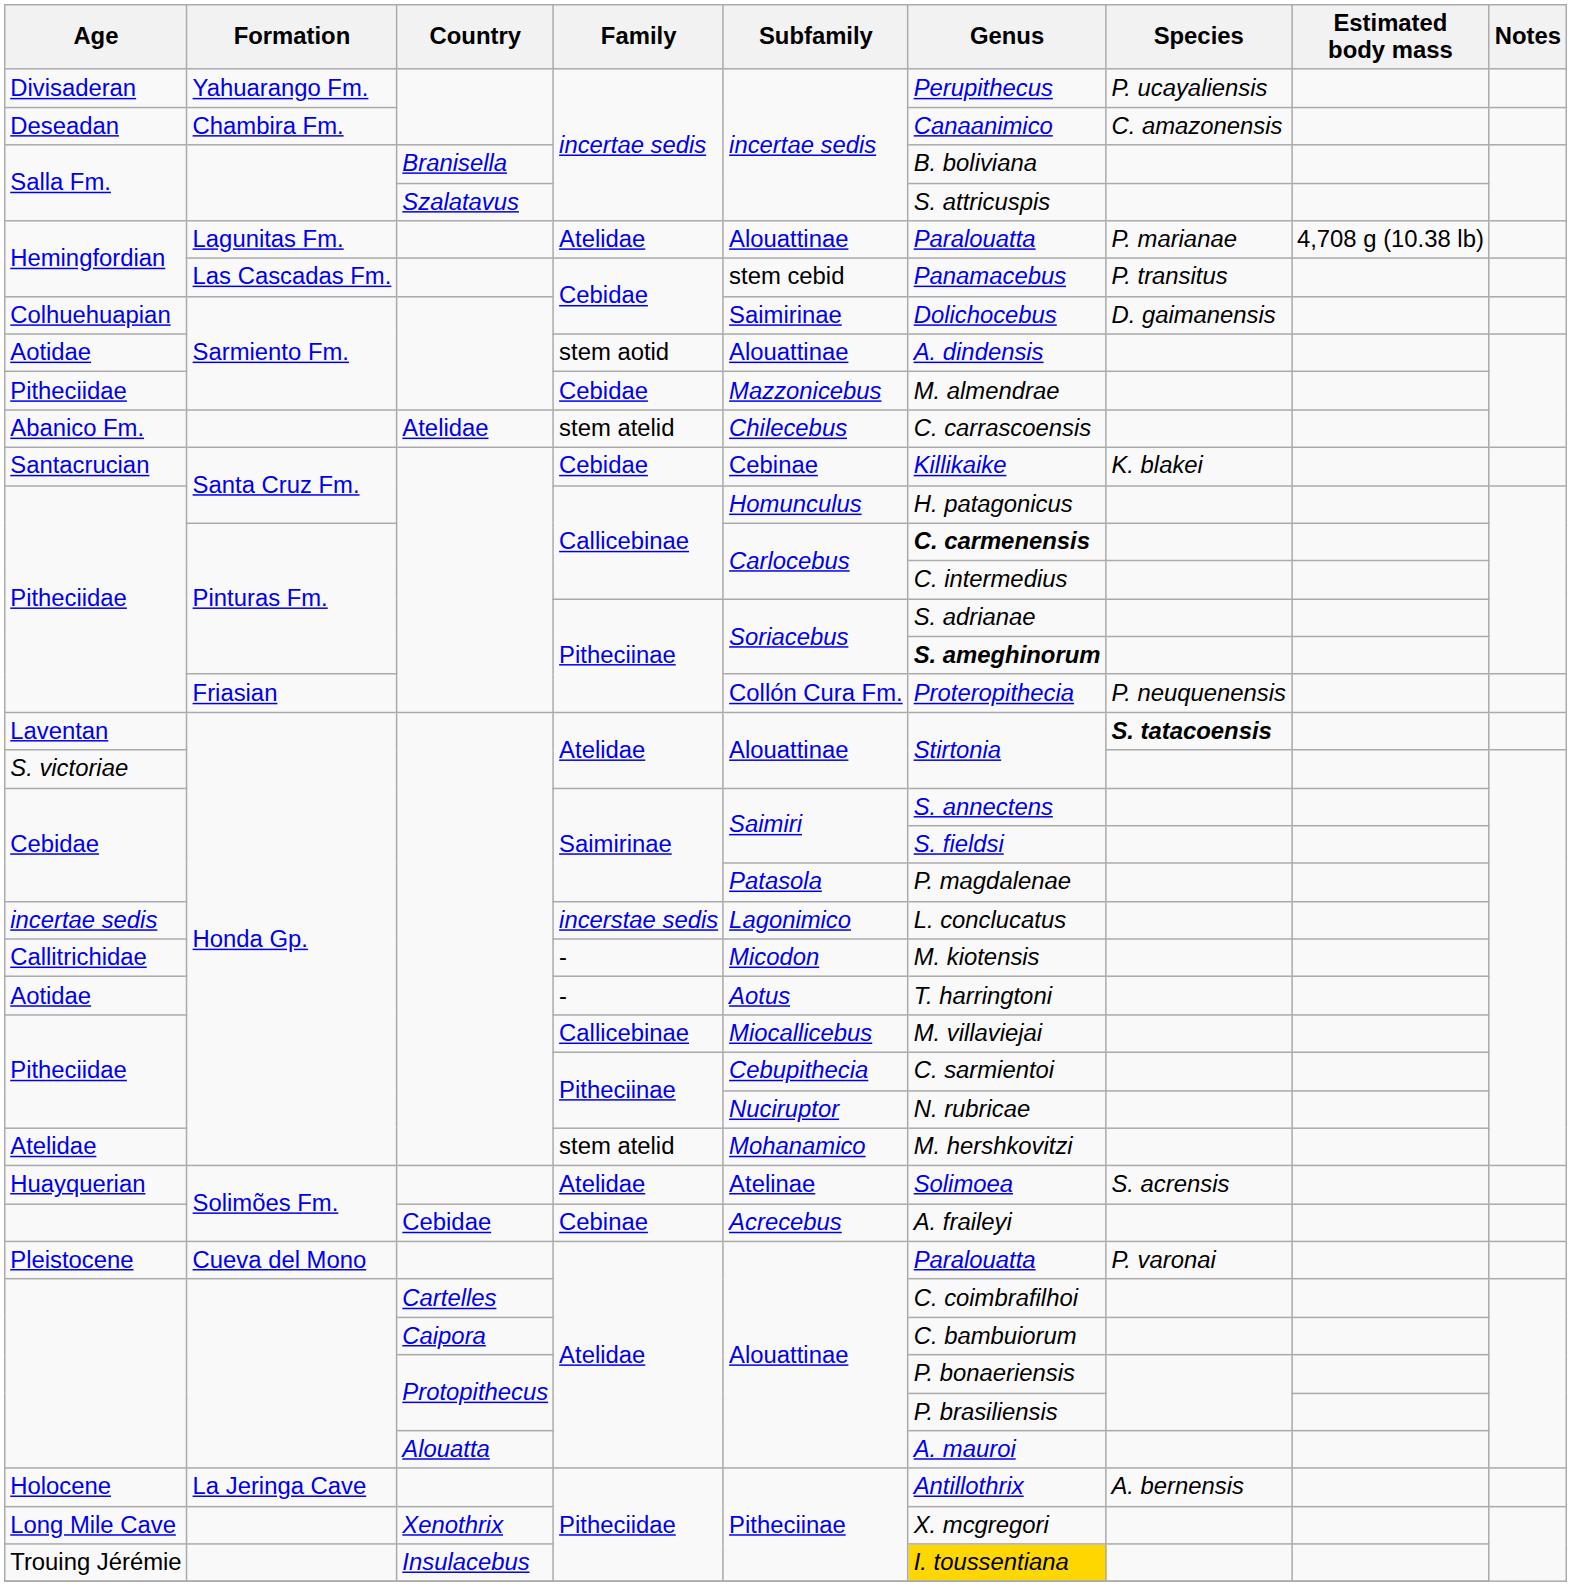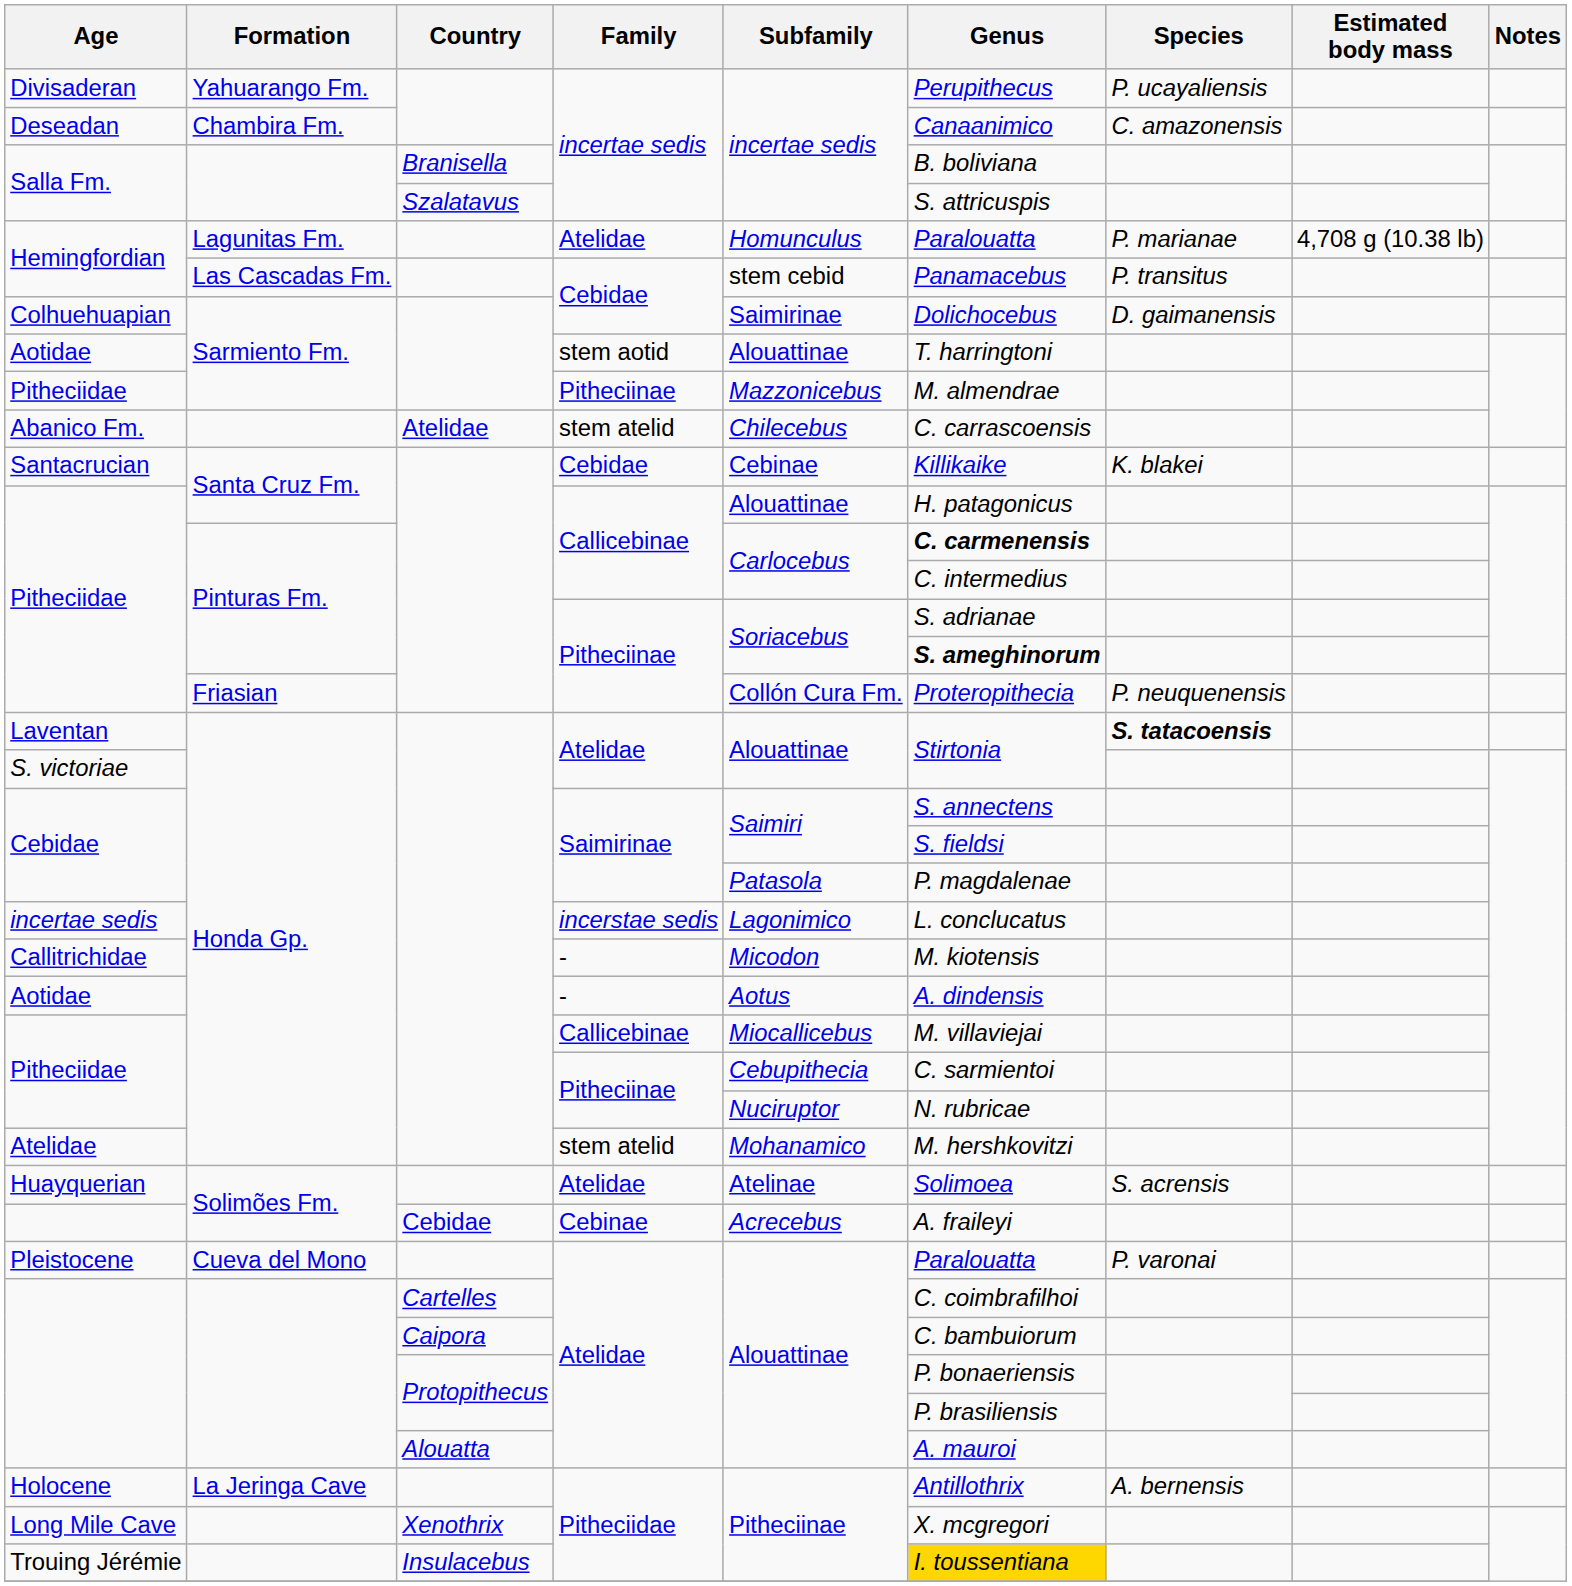 <table class="wikitable sortable">
 <tr>
 <th>Age<br></th>
 <th>Formation</th>
 <th>Country</th>
 <th>Family</th>
 <th>Subfamily</th>
 <th>Genus</th>
 <th>Species<br></th>
 <th>Estimated<br>body mass</th>
 <th class=unsortable>Notes</th>
 </tr>
 <tr>
 <td style="background-color: "><a href='#'>Divisaderan</a></td>
 <td><a href='#'>Yahuarango Fm.</a></td>
 <td rowspan=2></td>
 <td rowspan=4><em><a href='#'>incertae sedis</a></em></td>
 <td rowspan=4><em><a href='#'>incertae sedis</a></em></td>
 <td><em><a href='#'>Perupithecus</a></em></td>
 <td><em>P. ucayaliensis</em></td>
 <td></td>
 <td></td>
 </tr>
 <tr>
 <td style="background-color: "><a href='#'>Deseadan</a></td>
 <td><a href='#'>Chambira Fm.</a></td>
 <td><em><a href='#'>Canaanimico</a></em></td>
 <td><em>C. amazonensis</em></td>
 <td></td>
 <td></td>
 </tr>
 <tr>
 <td rowspan=2><a href='#'>Salla Fm.</a></td>
 <td rowspan=2></td>
 <td><em><a href='#'>Branisella</a></em></td>
 <td><em>B. boliviana</em></td>
 <td></td>
 <td></td>
 </tr>
 <tr>
 <td><em><a href='#'>Szalatavus</a></em></td>
 <td><em>S. attricuspis</em></td>
 <td></td>
 <td></td>
 </tr>
 <tr>
 <td rowspan=2 style="background-color: "><a href='#'>Hemingfordian</a></td>
 <td><a href='#'>Lagunitas Fm.</a></td>
 <td></td>
 <td><a href='#'>Atelidae</a></td>
-<td><a href='#'>Alouattinae</a></td>
+<td><em><a href='#'>Homunculus</a></em></td>
 <td><em><a href='#'>Paralouatta</a></em></td>
 <td><em>P. marianae</em></td>
 <td>4,708 g (10.38 lb)</td>
 <td></td>
 </tr>
 <tr>
 <td><a href='#'>Las Cascadas Fm.</a></td>
 <td></td>
 <td rowspan=2><a href='#'>Cebidae</a></td>
 <td>stem cebid</td>
 <td><em><a href='#'>Panamacebus</a></em></td>
 <td><em>P. transitus</em></td>
 <td></td>
 <td></td>
 </tr>
 <tr>
 <td style="background-color: "><a href='#'>Colhuehuapian</a></td>
 <td rowspan=3><a href='#'>Sarmiento Fm.</a></td>
 <td rowspan=3></td>
 <td><a href='#'>Saimirinae</a></td>
 <td><em><a href='#'>Dolichocebus</a></em></td>
 <td><em>D. gaimanensis</em></td>
 <td></td>
 <td></td>
 </tr>
 <tr>
 <td><a href='#'>Aotidae</a></td>
 <td>stem aotid</td>
 <td><a href='#'>Alouattinae</a></td>
-<td><em><a href='#'>A. dindensis</a></em></td>
+<td><em>T. harringtoni</em></td>
 <td></td>
 <td></td>
 </tr>
 <tr>
 <td><a href='#'>Pitheciidae</a></td>
-<td><a href='#'>Cebidae</a></td>
+<td><a href='#'>Pitheciinae</a></td>
 <td><em><a href='#'>Mazzonicebus</a></em></td>
 <td><em>M. almendrae</em></td>
 <td></td>
 <td></td>
 </tr>
 <tr>
 <td><a href='#'>Abanico Fm.</a></td>
 <td></td>
 <td><a href='#'>Atelidae</a></td>
 <td>stem atelid</td>
 <td><em><a href='#'>Chilecebus</a></em></td>
 <td><em>C. carrascoensis</em></td>
 <td></td>
 <td></td>
 </tr>
 <tr>
 <td style="background-color: "><a href='#'>Santacrucian</a></td>
 <td rowspan=2><a href='#'>Santa Cruz Fm.</a></td>
 <td rowspan=7></td>
 <td><a href='#'>Cebidae</a></td>
 <td><a href='#'>Cebinae</a></td>
 <td><em><a href='#'>Killikaike</a></em></td>
 <td><em>K. blakei</em></td>
 <td></td>
 <td></td>
 </tr>
 <tr>
 <td rowspan=6><a href='#'>Pitheciidae</a></td>
 <td rowspan=3><a href='#'>Callicebinae</a></td>
-<td><em><a href='#'>Homunculus</a></em></td>
+<td><a href='#'>Alouattinae</a></td>
 <td><em>H. patagonicus</em></td>
 <td></td>
 <td></td>
 </tr>
 <tr>
 <td rowspan=4><a href='#'>Pinturas Fm.</a></td>
 <td rowspan=2><em><a href='#'>Carlocebus</a></em></td>
 <td><strong><em>C. carmenensis</em></strong></td>
 <td></td>
 <td></td>
 </tr>
 <tr>
 <td><em>C. intermedius</em></td>
 <td></td>
 <td></td>
 </tr>
 <tr>
 <td rowspan=3><a href='#'>Pitheciinae</a></td>
 <td rowspan=2><em><a href='#'>Soriacebus</a></em></td>
 <td><em>S. adrianae</em></td>
 <td></td>
 <td></td>
 </tr>
 <tr>
 <td><strong><em>S. ameghinorum</em></strong></td>
 <td></td>
 <td></td>
 </tr>
 <tr>
 <td style="background-color: "><a href='#'>Friasian</a></td>
 <td><a href='#'>Collón Cura Fm.</a></td>
 <td><em><a href='#'>Proteropithecia</a></em></td>
 <td><em>P. neuquenensis</em></td>
 <td></td>
 <td></td>
 </tr>
 <tr>
 <td style="background-color: "><a href='#'>Laventan</a></td>
 <td rowspan=12><a href='#'>Honda Gp.</a></td>
 <td rowspan=12></td>
 <td rowspan=2><a href='#'>Atelidae</a></td>
 <td rowspan=2><a href='#'>Alouattinae</a></td>
 <td rowspan=2><em><a href='#'>Stirtonia</a></em></td>
 <td><strong><em>S. tatacoensis</em></strong></td>
 <td></td>
 <td></td>
 </tr>
 <tr>
 <td><em>S. victoriae</em></td>
 <td></td>
 <td></td>
 </tr>
 <tr>
 <td rowspan=3><a href='#'>Cebidae</a></td>
 <td rowspan=3><a href='#'>Saimirinae</a></td>
 <td rowspan=2><em><a href='#'>Saimiri</a></em></td>
 <td><em><a href='#'>S. annectens</a></em></td>
 <td></td>
 <td></td>
 </tr>
 <tr>
 <td><em><a href='#'>S. fieldsi</a></em></td>
 <td></td>
 <td></td>
 </tr>
 <tr>
 <td><em><a href='#'>Patasola</a></em></td>
 <td><em>P. magdalenae</em></td>
 <td></td>
 <td></td>
 </tr>
 <tr>
 <td><em><a href='#'>incertae sedis</a></em></td>
 <td><em><a href='#'>incerstae sedis</a></em></td>
 <td><em><a href='#'>Lagonimico</a></em></td>
 <td><em>L. conclucatus</em></td>
 <td></td>
 <td></td>
 </tr>
 <tr>
 <td><a href='#'>Callitrichidae</a></td>
 <td>-</td>
 <td><em><a href='#'>Micodon</a></em></td>
 <td><em>M. kiotensis</em></td>
 <td></td>
 <td></td>
 </tr>
 <tr>
 <td><a href='#'>Aotidae</a></td>
 <td>-</td>
 <td><em><a href='#'>Aotus</a></em></td>
-<td><em>T. harringtoni</em></td>
+<td><em><a href='#'>A. dindensis</a></em></td>
 <td></td>
 <td></td>
 </tr>
 <tr>
 <td rowspan=3><a href='#'>Pitheciidae</a></td>
 <td><a href='#'>Callicebinae</a></td>
 <td><em><a href='#'>Miocallicebus</a></em></td>
 <td><em>M. villaviejai</em></td>
 <td></td>
 <td></td>
 </tr>
 <tr>
 <td rowspan=2><a href='#'>Pitheciinae</a></td>
 <td><em><a href='#'>Cebupithecia</a></em></td>
 <td><em>C. sarmientoi</em></td>
 <td></td>
 <td></td>
 </tr>
 <tr>
 <td><em><a href='#'>Nuciruptor</a></em></td>
 <td><em>N. rubricae</em></td>
 <td></td>
 <td></td>
 </tr>
 <tr>
 <td><a href='#'>Atelidae</a></td>
 <td>stem atelid</td>
 <td><em><a href='#'>Mohanamico</a></em></td>
 <td><em>M. hershkovitzi</em></td>
 <td></td>
 <td></td>
 </tr>
 <tr>
 <td style="background-color: "><a href='#'>Huayquerian</a></td>
 <td rowspan=2><a href='#'>Solimões Fm.</a></td>
 <td></td>
 <td><a href='#'>Atelidae</a></td>
 <td><a href='#'>Atelinae</a></td>
 <td><em><a href='#'>Solimoea</a></em></td>
 <td><em>S. acrensis</em></td>
 <td></td>
 <td></td>
 </tr>
 <tr>
 <td><br></td>
 <td><a href='#'>Cebidae</a></td>
 <td><a href='#'>Cebinae</a></td>
 <td><em><a href='#'>Acrecebus</a></em></td>
 <td><em>A. fraileyi</em></td>
 <td></td>
 <td></td>
 </tr>
 <tr>
 <td style="background-color: "><a href='#'>Pleistocene</a></td>
 <td><a href='#'>Cueva del Mono</a></td>
 <td></td>
 <td rowspan=6><a href='#'>Atelidae</a></td>
 <td rowspan=6><a href='#'>Alouattinae</a></td>
 <td><em><a href='#'>Paralouatta</a></em></td>
 <td><em>P. varonai</em></td>
 <td></td>
 <td></td>
 </tr>
 <tr>
 <td rowspan=5></td>
 <td rowspan=5></td>
 <td><em><a href='#'>Cartelles</a></em></td>
 <td><em>C. coimbrafilhoi</em></td>
 <td></td>
 <td></td>
 </tr>
 <tr>
 <td><em><a href='#'>Caipora</a></em></td>
 <td><em>C. bambuiorum</em></td>
 <td></td>
 <td></td>
 </tr>
 <tr>
 <td rowspan=2><em><a href='#'>Protopithecus</a></em></td>
 <td><em>P. bonaeriensis</em></td>
 <td rowspan=2></td>
 <td></td>
 </tr>
 <tr>
 <td><em>P. brasiliensis</em></td>
 <td></td>
 </tr>
 <tr>
 <td><em><a href='#'>Alouatta</a></em></td>
 <td><em><a href='#'>A. mauroi</a></em></td>
 <td></td>
 <td></td>
 </tr>
 <tr>
 <td style="background-color: "><a href='#'>Holocene</a></td>
 <td><a href='#'>La Jeringa Cave</a></td>
 <td></td>
 <td rowspan=3><a href='#'>Pitheciidae</a></td>
 <td rowspan=3><a href='#'>Pitheciinae</a></td>
 <td><em><a href='#'>Antillothrix</a></em></td>
 <td><em>A. bernensis</em></td>
 <td></td>
 <td></td>
 </tr>
 <tr>
 <td><a href='#'>Long Mile Cave</a></td>
 <td></td>
 <td><em><a href='#'>Xenothrix</a></em></td>
 <td><em>X. mcgregori</em></td>
 <td></td>
 <td></td>
 </tr>
 <tr>
 <td>Trouing Jérémie</td>
 <td></td>
 <td><em><a href='#'>Insulacebus</a></em></td>
 <td style="background: gold;"><em>I. toussentiana</em></td>
 <td></td>
 <td></td>
 </tr>
 <tr>
 </tr>
 </table>
